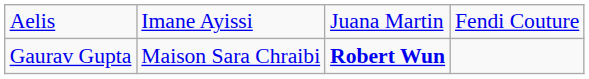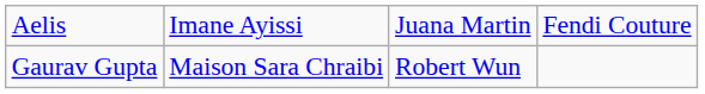 <table class="wikitable">
 <tr>
 <td><a href='#'>Aelis</a></td>
 <td><a href='#'>Imane Ayissi</a></td>
 <td><a href='#'>Juana Martin</a></td>
 <td><a href='#'>Fendi Couture</a></td>
 </tr>
 <tr>
 <td><a href='#'>Gaurav Gupta</a></td>
 <td><a href='#'>Maison Sara Chraibi</a></td>
-<td><strong><a href='#'>Robert Wun</a></strong></td>
+<td><a href='#'>Robert Wun</a></td>
 <td></td>
 </tr>
 </table>
